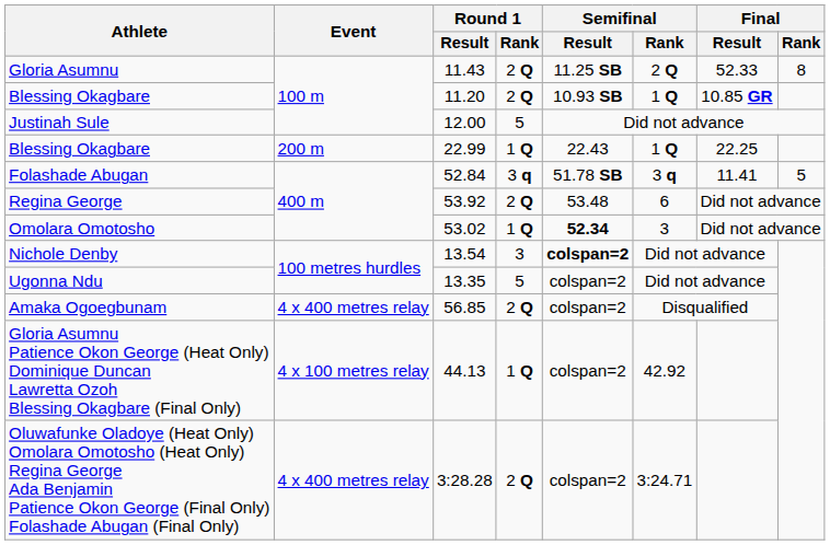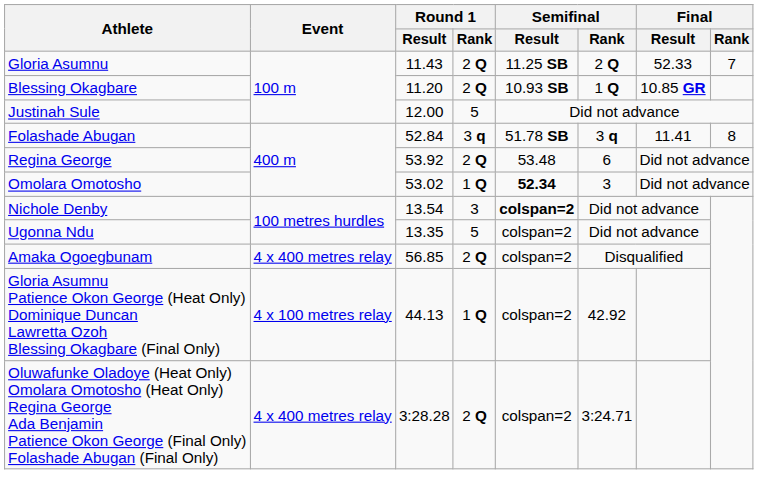 <table class=wikitable style="font-size:90%">
 <tr>
 <th rowspan="2">Athlete</th>
 <th rowspan="2">Event</th>
 <th colspan="2">Round 1</th>
 <th colspan="2">Semifinal</th>
 <th colspan="2">Final</th>
 </tr>
 <tr style="font-size:95%">
 <th>Result</th>
 <th>Rank</th>
 <th>Result</th>
 <th>Rank</th>
 <th>Result</th>
 <th>Rank</th>
 </tr>
 <tr align=center>
 <td align=left><a href='#'>Gloria Asumnu</a></td>
 <td style="text-align:left;" rowspan="3"><a href='#'>100 m</a></td>
 <td>11.43</td>
 <td>2 <strong>Q</strong></td>
 <td>11.25 <strong>SB</strong></td>
 <td>2 <strong>Q</strong></td>
 <td>52.33</td>
-<td>8</td>
+<td>7</td>
 </tr>
 <tr align=center>
 <td align=left><a href='#'>Blessing Okagbare</a></td>
 <td>11.20</td>
 <td>2 <strong>Q</strong></td>
 <td>10.93 <strong>SB</strong></td>
 <td>1 <strong>Q</strong></td>
 <td>10.85 <strong><a href='#'>GR</a></strong></td>
 <td></td>
 </tr>
 <tr align=center>
 <td align=left><a href='#'>Justinah Sule</a></td>
 <td>12.00</td>
 <td>5</td>
 <td colspan="4">Did not advance</td>
 </tr>
 <tr align=center>
-<td align=left><a href='#'>Blessing Okagbare</a></td>
-<td align=left><a href='#'>200 m</a></td>
-<td>22.99</td>
-<td>1 <strong>Q</strong></td>
-<td>22.43</td>
-<td>1 <strong>Q</strong></td>
-<td>22.25</td>
-<td></td>
-</tr>
-<tr align=center>
 <td align=left><a href='#'>Folashade Abugan</a></td>
 <td style="text-align:left;" rowspan="3"><a href='#'>400 m</a></td>
 <td>52.84</td>
 <td>3 <strong>q</strong></td>
 <td>51.78 <strong>SB</strong></td>
 <td>3 <strong>q</strong></td>
 <td>11.41</td>
-<td>5</td>
+<td>8</td>
 </tr>
 <tr align=center>
 <td align=left><a href='#'>Regina George</a></td>
 <td>53.92</td>
 <td>2 <strong>Q</strong></td>
 <td>53.48</td>
 <td>6</td>
 <td colspan="2">Did not advance</td>
 </tr>
 <tr align=center>
 <td align=left><a href='#'>Omolara Omotosho</a></td>
 <td>53.02</td>
 <td>1 <strong>Q</strong></td>
 <td><strong>52.34</strong></td>
 <td>3</td>
 <td colspan="2">Did not advance</td>
 </tr>
 <tr align=center>
 <td align=left><a href='#'>Nichole Denby</a></td>
 <td style="text-align:left;" rowspan="2"><a href='#'>100 metres hurdles</a></td>
 <td>13.54</td>
 <td>3</td>
 <td><strong>colspan=2 </strong></td>
 <td colspan="2">Did not advance</td>
 </tr>
 <tr align=center>
 <td align=left><a href='#'>Ugonna Ndu</a></td>
 <td>13.35</td>
 <td>5</td>
 <td>colspan=2 </td>
 <td colspan="2">Did not advance</td>
 </tr>
 <tr align=center>
 <td align=left><a href='#'>Amaka Ogoegbunam</a></td>
 <td align=left><a href='#'>4 x 400 metres relay</a></td>
 <td>56.85</td>
 <td>2 <strong>Q</strong></td>
 <td>colspan=2 </td>
 <td colspan="2">Disqualified</td>
 </tr>
 <tr align=center>
 <td align=left><a href='#'>Gloria Asumnu</a><br><a href='#'>Patience Okon George</a> (Heat Only)<br><a href='#'>Dominique Duncan</a><br><a href='#'>Lawretta Ozoh</a> <br><a href='#'>Blessing Okagbare</a> (Final Only)</td>
 <td align=left><a href='#'>4 x 100 metres relay</a></td>
 <td>44.13</td>
 <td>1 <strong>Q</strong></td>
 <td>colspan=2 </td>
 <td>42.92</td>
 <td></td>
 </tr>
 <tr align=center>
 <td align=left><a href='#'>Oluwafunke Oladoye</a> (Heat Only)<br><a href='#'>Omolara Omotosho</a> (Heat Only)<br><a href='#'>Regina George</a><br><a href='#'>Ada Benjamin</a><br><a href='#'>Patience Okon George</a> (Final Only)<br><a href='#'>Folashade Abugan</a> (Final Only)</td>
 <td align=left><a href='#'>4 x 400 metres relay</a></td>
 <td>3:28.28</td>
 <td>2 <strong>Q</strong></td>
 <td>colspan=2 </td>
 <td>3:24.71</td>
 <td></td>
 </tr>
 </table>
